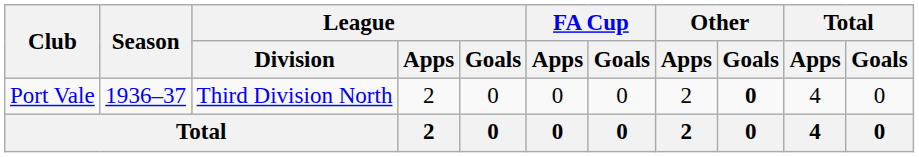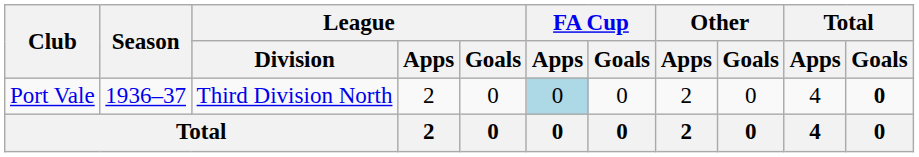 <table class="wikitable" style="text-align:center">
 <tr>
 <th rowspan="2">Club</th>
 <th rowspan="2">Season</th>
 <th colspan="3">League</th>
 <th colspan="2"><a href='#'>FA Cup</a></th>
 <th colspan="2">Other</th>
 <th colspan="2">Total</th>
 </tr>
 <tr>
 <th>Division</th>
 <th>Apps</th>
 <th>Goals</th>
 <th>Apps</th>
 <th>Goals</th>
 <th>Apps</th>
 <th>Goals</th>
 <th>Apps</th>
 <th>Goals</th>
 </tr>
 <tr>
 <td><a href='#'>Port Vale</a></td>
 <td><a href='#'>1936–37</a></td>
 <td><a href='#'>Third Division North</a></td>
 <td>2</td>
 <td>0</td>
-<td>0</td>
+<td style="background: lightblue;">0</td>
 <td>0</td>
 <td>2</td>
+<td>0</td>
+<td>4</td>
 <td><strong>0</strong></td>
-<td>4</td>
-<td>0</td>
 </tr>
 <tr>
 <th colspan="3">Total</th>
 <th>2</th>
 <th>0</th>
 <th>0</th>
 <th>0</th>
 <th>2</th>
 <th>0</th>
 <th>4</th>
 <th>0</th>
 </tr>
 </table>
